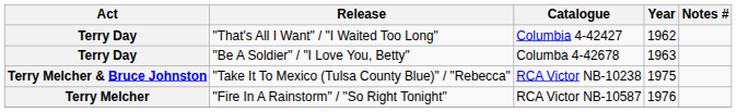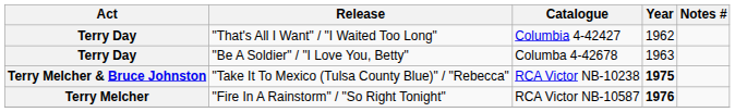 <table class="wikitable plainrowheaders sortable">
 <tr>
 <th scope="col" class="unsortable">Act</th>
 <th scope="col">Release</th>
 <th scope="col">Catalogue</th>
 <th scope="col">Year</th>
 <th scope="col" class="unsortable">Notes #</th>
 </tr>
 <tr>
 <th scope="row">Terry Day</th>
 <td>"That's All I Want" / "I Waited Too Long"</td>
 <td><a href='#'>Columbia</a> 4-42427</td>
 <td>1962</td>
 <td></td>
 </tr>
 <tr>
 <th scope="row">Terry Day</th>
 <td>"Be A Soldier" / "I Love You, Betty"</td>
 <td>Columba 4-42678</td>
 <td>1963</td>
 <td></td>
 </tr>
 <tr>
 <th scope="row">Terry Melcher &  <a href='#'>Bruce Johnston</a></th>
 <td>"Take It To Mexico (Tulsa County Blue)" / "Rebecca"</td>
 <td><a href='#'>RCA Victor</a> NB-10238</td>
-<td>1975</td>
+<td><strong>1975</strong></td>
 <td></td>
 </tr>
 <tr>
 <th scope="row">Terry Melcher</th>
 <td>"Fire In A Rainstorm" / "So Right Tonight"</td>
 <td>RCA Victor NB-10587</td>
-<td>1976</td>
+<td><strong>1976</strong></td>
 <td></td>
 </tr>
 <tr>
 </tr>
 </table>
